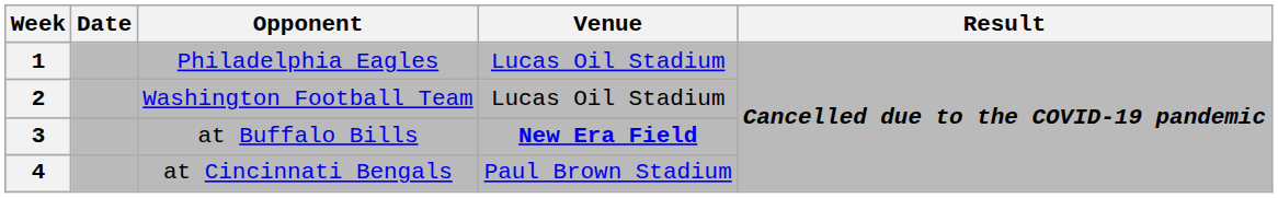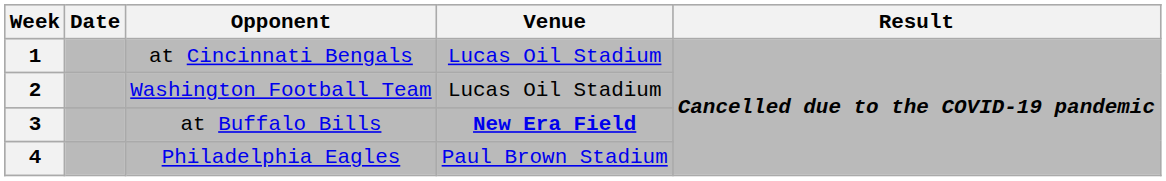 <table class="wikitable" style="text-align:center">
 <tr>
 <th>Week</th>
 <th>Date</th>
 <th>Opponent</th>
 <th>Venue</th>
 <th>Result</th>
 </tr>
 <tr style="background:#bababa">
 <th>1</th>
 <td></td>
-<td><a href='#'>Philadelphia Eagles</a></td>
+<td>at <a href='#'>Cincinnati Bengals</a></td>
 <td><a href='#'>Lucas Oil Stadium</a></td>
 <td rowspan=4><strong><em>Cancelled due to the COVID-19 pandemic</em></strong></td>
 </tr>
 <tr style="background:#bababa">
 <th>2</th>
 <td></td>
 <td><a href='#'>Washington Football Team</a></td>
 <td>Lucas Oil Stadium</td>
 </tr>
 <tr style="background:#bababa">
 <th>3</th>
 <td></td>
 <td>at <a href='#'>Buffalo Bills</a></td>
 <td><strong><a href='#'>New Era Field</a></strong></td>
 </tr>
 <tr style="background:#bababa">
 <th>4</th>
 <td></td>
-<td>at <a href='#'>Cincinnati Bengals</a></td>
+<td><a href='#'>Philadelphia Eagles</a></td>
 <td><a href='#'>Paul Brown Stadium</a></td>
 </tr>
 </table>
